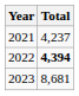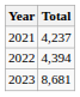 <table class="wikitable">
 <tr>
 <th>Year</th>
 <th>Total</th>
 </tr>
 <tr>
 <td>2021</td>
 <td>4,237</td>
 </tr>
 <tr>
 <td>2022</td>
-<td><strong>4,394</strong></td>
+<td>4,394</td>
 </tr>
 <tr>
 <td>2023</td>
 <td>8,681</td>
 </tr>
 </table>
